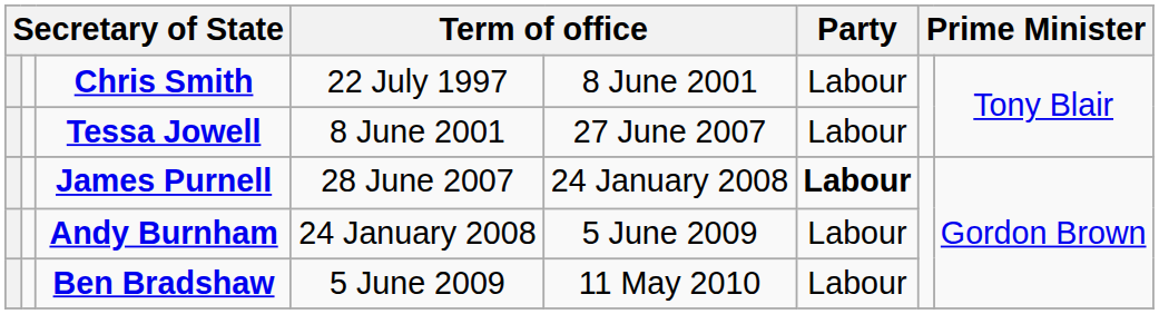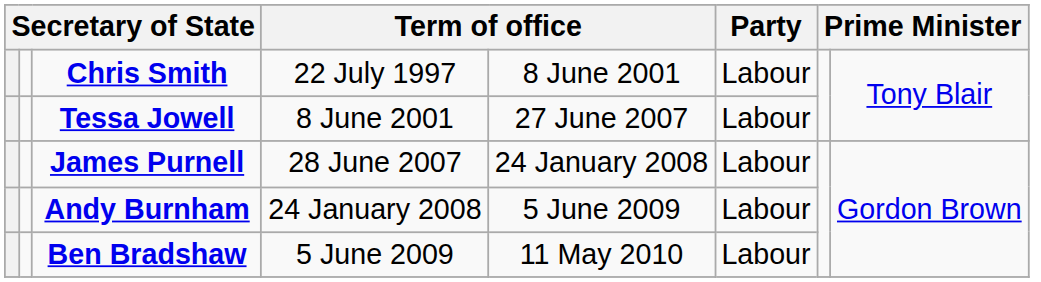 <table class="wikitable" style="text-align:center">
 <tr>
 <th colspan=3>Secretary of State</th>
 <th colspan=2>Term of office</th>
 <th>Party</th>
 <th colspan=2>Prime Minister</th>
 </tr>
 <tr style="height:1em">
 <th style="background-color:"></th>
 <td></td>
 <td><a href='#'><strong>Chris Smith</strong></a><br></td>
 <td>22 July 1997</td>
 <td>8 June 2001</td>
 <td>Labour</td>
 <td rowspan=2 style="background-color:"></td>
 <td rowspan=2><a href='#'>Tony Blair</a></td>
 </tr>
 <tr style="height:1em">
 <th style="background-color:"></th>
 <td></td>
 <td><strong><a href='#'>Tessa Jowell</a></strong><br></td>
 <td>8 June 2001</td>
 <td>27 June 2007</td>
 <td>Labour</td>
 </tr>
 <tr style="height:1em">
 <th style="background-color:"></th>
 <td></td>
 <td><strong><a href='#'>James Purnell</a></strong><br></td>
 <td>28 June 2007</td>
 <td>24 January 2008</td>
-<td><strong>Labour</strong></td>
+<td>Labour</td>
 <td rowspan=3 style="background-color:"></td>
 <td rowspan=3><a href='#'>Gordon Brown</a></td>
 </tr>
 <tr style="height:1em">
 <th style="background-color:"></th>
 <td></td>
 <td><strong><a href='#'>Andy Burnham</a></strong><br></td>
 <td>24 January 2008</td>
 <td>5 June 2009</td>
 <td>Labour</td>
 </tr>
 <tr style="height:1em">
 <th style="background-color:"></th>
 <td></td>
 <td><strong><a href='#'>Ben Bradshaw</a></strong><br></td>
 <td>5 June 2009</td>
 <td>11 May 2010</td>
 <td>Labour</td>
 </tr>
 </table>
